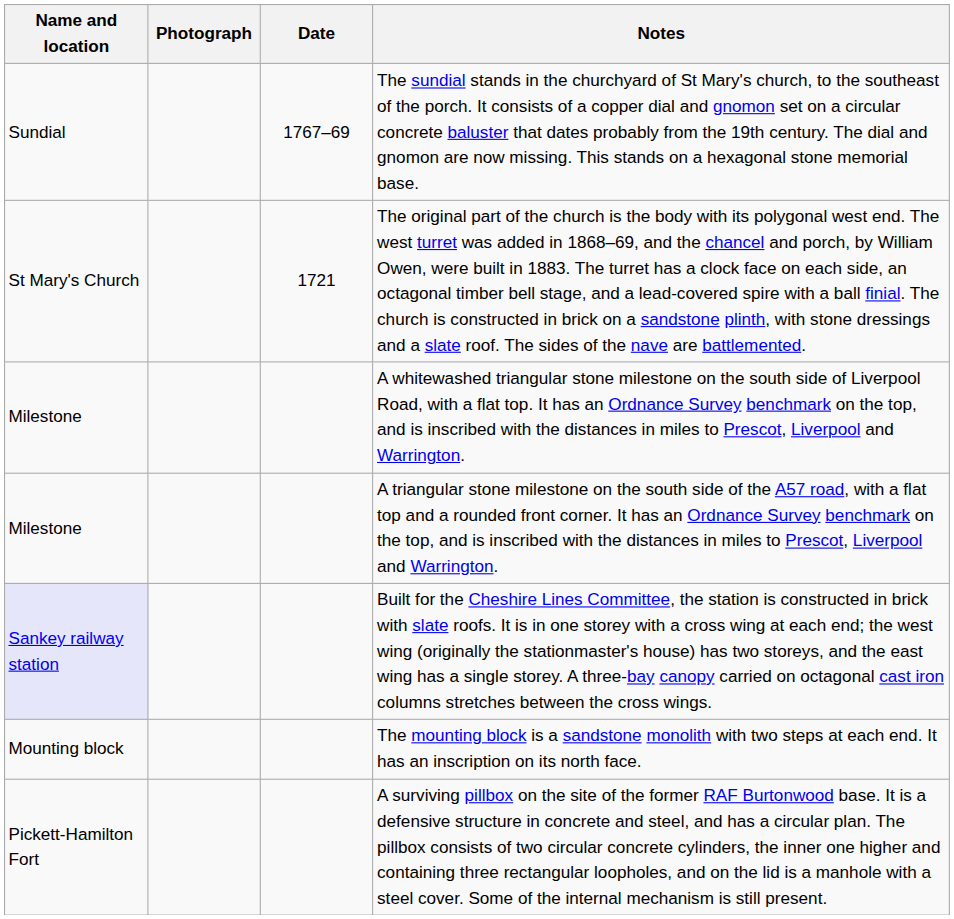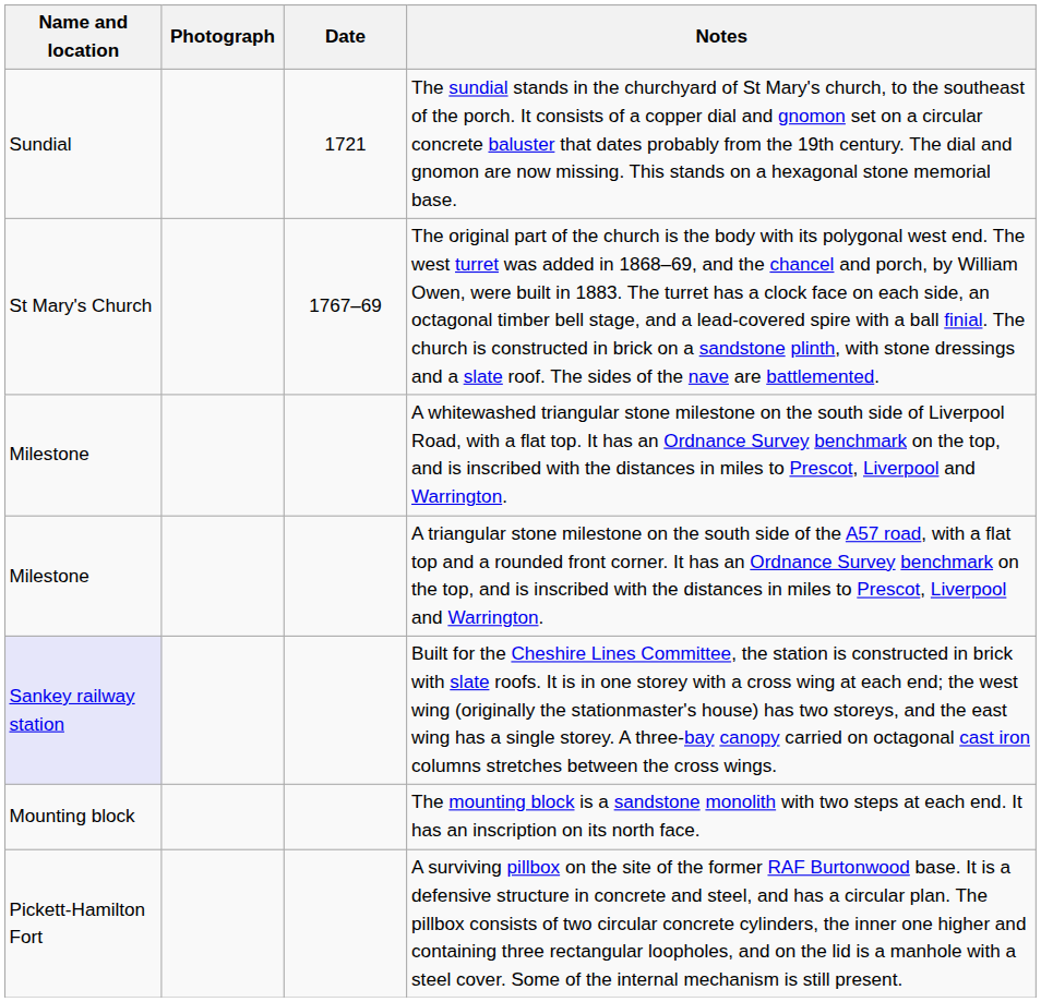 <table class="wikitable sortable plainrowheaders" style="width:100%;border:0px;text-align:left;line-height:150%;">
 <tr>
 <th scope="col" style="width:150px">Name and location</th>
 <th scope="col" style="width:100px" class="unsortable">Photograph</th>
 <th scope="col" style="width:120px">Date</th>
 <th scope="col" style="width:700px" class="unsortable">Notes</th>
 </tr>
 <tr>
 <td>Sundial<br><small></small></td>
 <td></td>
-<td align="center">1767–69</td>
+<td align="center">1721</td>
 <td>The <a href='#'>sundial</a> stands in the churchyard of St Mary's church, to the southeast of the porch. It consists of a copper dial and <a href='#'>gnomon</a> set on a circular concrete <a href='#'>baluster</a> that dates probably from the 19th century. The dial and gnomon are now missing. This stands on a hexagonal stone memorial base.</td>
 </tr>
 <tr>
 <td>St Mary's Church<br><small></small></td>
 <td></td>
-<td align="center">1721</td>
+<td align="center">1767–69</td>
 <td>The original part of the church is the body with its polygonal west end. The west <a href='#'>turret</a> was added in 1868–69, and the <a href='#'>chancel</a> and porch, by William Owen, were built in 1883. The turret has a clock face on each side, an octagonal timber bell stage, and a lead-covered spire with a ball <a href='#'>finial</a>. The church is constructed in brick on a <a href='#'>sandstone</a> <a href='#'>plinth</a>, with stone dressings and a <a href='#'>slate</a> roof. The sides of the <a href='#'>nave</a> are <a href='#'>battlemented</a>.</td>
 </tr>
 <tr>
 <td>Milestone<br><small></small></td>
 <td></td>
 <td align="center"></td>
 <td>A whitewashed triangular stone milestone on the south side of Liverpool Road, with a flat top. It has an <a href='#'>Ordnance Survey</a> <a href='#'>benchmark</a> on the top, and is inscribed with the distances in miles to <a href='#'>Prescot</a>, <a href='#'>Liverpool</a> and <a href='#'>Warrington</a>.</td>
 </tr>
 <tr>
 <td>Milestone<br><small></small></td>
 <td></td>
 <td align="center"></td>
 <td>A triangular stone milestone on the south side of the <a href='#'>A57 road</a>, with a flat top and a rounded front corner. It has an <a href='#'>Ordnance Survey</a> <a href='#'>benchmark</a> on the top, and is inscribed with the distances in miles to <a href='#'>Prescot</a>, <a href='#'>Liverpool</a> and <a href='#'>Warrington</a>.</td>
 </tr>
 <tr>
 <td style="background: lavender;"><a href='#'>Sankey railway station</a><br><small></small></td>
 <td></td>
 <td align="center"></td>
 <td>Built for the <a href='#'>Cheshire Lines Committee</a>, the station is constructed in brick with <a href='#'>slate</a> roofs. It is in one storey with a cross wing at each end; the west wing (originally the stationmaster's house) has two storeys, and the east wing has a single storey. A three-<a href='#'>bay</a> <a href='#'>canopy</a> carried on octagonal <a href='#'>cast iron</a> columns stretches between the cross wings.</td>
 </tr>
 <tr>
 <td>Mounting block<br><small></small></td>
 <td></td>
 <td align="center"></td>
 <td>The <a href='#'>mounting block</a> is a <a href='#'>sandstone</a> <a href='#'>monolith</a> with two steps at each end. It has an inscription on its north face.</td>
 </tr>
 <tr>
 <td>Pickett-Hamilton Fort<br><small></small></td>
 <td></td>
 <td align="center"></td>
 <td>A surviving <a href='#'>pillbox</a> on the site of the former <a href='#'>RAF Burtonwood</a> base. It is a defensive structure in concrete and steel, and has a circular plan. The pillbox consists of two circular concrete cylinders, the inner one higher and containing three rectangular loopholes, and on the lid is a manhole with a steel cover. Some of the internal mechanism is still present.</td>
 </tr>
 <tr>
 </tr>
 </table>
